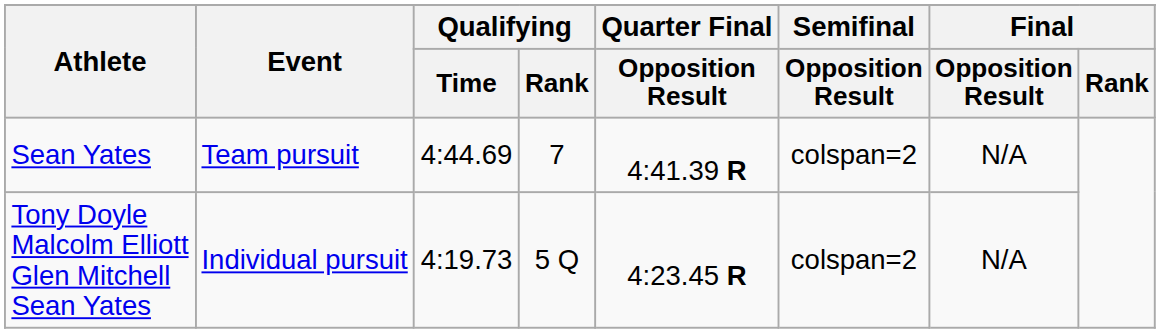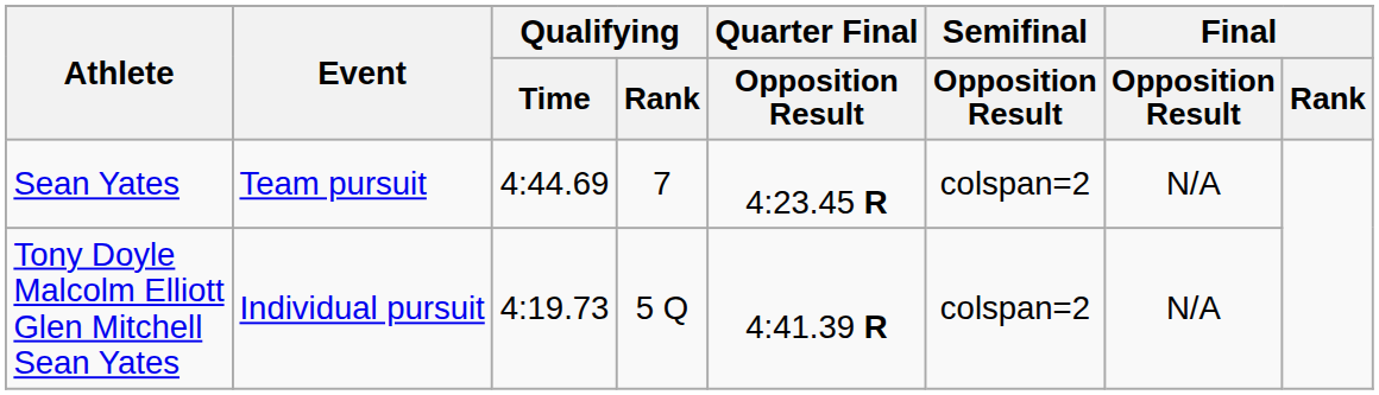 <table class="wikitable" style="font-size:90%;">
 <tr>
 </tr>
 <tr>
 <th rowspan=2>Athlete</th>
 <th rowspan=2>Event</th>
 <th colspan=2>Qualifying</th>
 <th>Quarter Final</th>
 <th>Semifinal</th>
 <th colspan=2>Final</th>
 </tr>
 <tr style="font-size:95%">
 <th>Time</th>
 <th>Rank</th>
 <th>Opposition<br>Result</th>
 <th>Opposition<br>Result</th>
 <th>Opposition<br>Result</th>
 <th>Rank</th>
 </tr>
 <tr align=center>
 <td align=left><a href='#'>Sean Yates</a></td>
 <td align=left><a href='#'>Team pursuit</a></td>
 <td>4:44.69</td>
 <td>7</td>
-<td><br> 4:41.39 <strong>R</strong></td>
+<td><br> 4:23.45 <strong>R</strong></td>
 <td>colspan=2</td>
 <td>N/A</td>
 </tr>
 <tr align=center>
 <td align=left><a href='#'>Tony Doyle</a><br><a href='#'>Malcolm Elliott</a><br><a href='#'>Glen Mitchell</a><br><a href='#'>Sean Yates</a></td>
 <td align=left><a href='#'>Individual pursuit</a></td>
 <td>4:19.73</td>
 <td>5 Q</td>
-<td><br> 4:23.45 <strong>R</strong></td>
+<td><br> 4:41.39 <strong>R</strong></td>
 <td>colspan=2</td>
 <td>N/A</td>
 </tr>
 </table>
